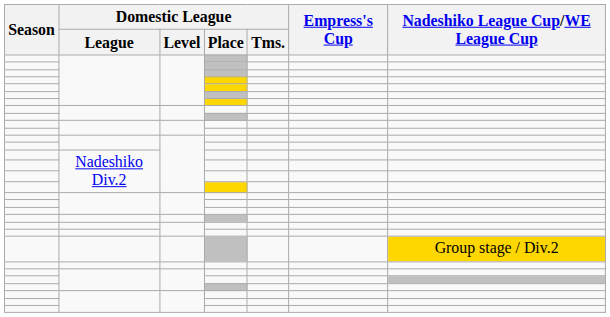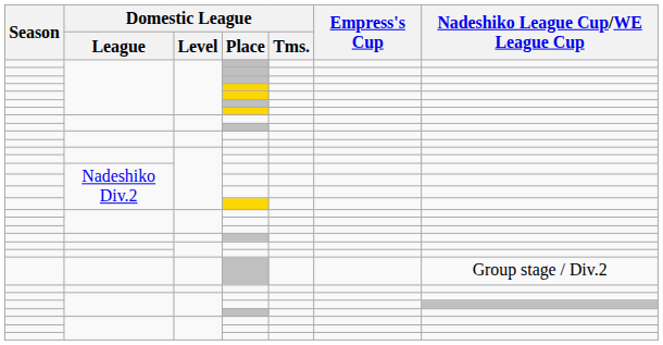 <table class="wikitable">
 <tr style="background:#f0f6fa;">
 <th rowspan="2"><strong>Season</strong></th>
 <th colspan="4"><strong>Domestic League</strong></th>
 <th rowspan="2"><strong><a href='#'>Empress's Cup</a></strong></th>
 <th rowspan="2"><strong><a href='#'>Nadeshiko League Cup</a>/<a href='#'>WE League Cup</a></strong></th>
 </tr>
 <tr>
 <th>League</th>
 <th>Level</th>
 <th>Place</th>
 <th>Tms.</th>
 </tr>
 <tr>
 <td></td>
 <td rowspan="7"></td>
 <td rowspan="7"></td>
 <td bgcolor="silver"></td>
 <td></td>
 <td></td>
 <td></td>
 </tr>
 <tr>
 <td></td>
 <td bgcolor="silver"></td>
 <td></td>
 <td></td>
 <td></td>
 </tr>
 <tr>
 <td></td>
 <td bgcolor="silver"></td>
 <td></td>
 <td></td>
 <td></td>
 </tr>
 <tr>
 <td></td>
 <td bgcolor="gold"></td>
 <td></td>
 <td></td>
 <td></td>
 </tr>
 <tr>
 <td></td>
 <td bgcolor="gold"></td>
 <td></td>
 <td></td>
 <td></td>
 </tr>
 <tr>
 <td></td>
 <td bgcolor="silver"></td>
 <td></td>
 <td></td>
 <td></td>
 </tr>
 <tr>
 <td></td>
 <td bgcolor="gold"></td>
 <td></td>
 <td></td>
 <td></td>
 </tr>
 <tr>
 <td></td>
 <td rowspan="2"></td>
 <td rowspan="2"></td>
 <td></td>
 <td></td>
 <td></td>
 <td></td>
 </tr>
 <tr>
 <td></td>
 <td bgcolor="silver"></td>
 <td></td>
 <td></td>
 <td></td>
 </tr>
 <tr>
 <td></td>
 <td rowspan="2"></td>
 <td rowspan="2"></td>
 <td></td>
 <td></td>
 <td></td>
 <td></td>
 </tr>
 <tr>
 <td></td>
 <td></td>
 <td></td>
 <td></td>
 <td></td>
 </tr>
 <tr>
 <td></td>
 <td rowspan="2"></td>
 <td rowspan="6"></td>
 <td></td>
 <td></td>
 <td></td>
 <td></td>
 </tr>
 <tr>
 <td></td>
 <td></td>
 <td></td>
 <td></td>
 <td></td>
 </tr>
 <tr>
 <td></td>
 <td rowspan="4" style="text-align:center;"><a href='#'>Nadeshiko Div.2</a></td>
 <td></td>
 <td></td>
 <td></td>
 <td></td>
 </tr>
 <tr>
 <td></td>
 <td></td>
 <td></td>
 <td></td>
 <td></td>
 </tr>
 <tr>
 <td></td>
 <td></td>
 <td></td>
 <td></td>
 <td></td>
 </tr>
 <tr>
 <td></td>
 <td bgcolor="gold"></td>
 <td></td>
 <td></td>
 <td></td>
 </tr>
 <tr>
 <td></td>
 <td rowspan="3"></td>
 <td rowspan="3"></td>
 <td></td>
 <td></td>
 <td></td>
 <td></td>
 </tr>
 <tr>
 <td></td>
 <td></td>
 <td></td>
 <td></td>
 <td></td>
 </tr>
 <tr>
 <td></td>
 <td></td>
 <td></td>
 <td></td>
 <td></td>
 </tr>
 <tr>
 <td></td>
 <td></td>
 <td></td>
 <td bgcolor="silver"></td>
 <td></td>
 <td></td>
 <td></td>
 </tr>
 <tr>
 <td></td>
 <td></td>
 <td rowspan="2"></td>
 <td></td>
 <td></td>
 <td></td>
 <td></td>
 </tr>
 <tr>
 <td></td>
 <td></td>
 <td></td>
 <td></td>
 <td></td>
 <td></td>
 </tr>
 <tr>
 <td></td>
 <td></td>
 <td></td>
 <td bgcolor="silver"></td>
 <td></td>
 <td></td>
-<td style="background: gold; text-align:center;">Group stage / Div.2</td>
+<td style="text-align:center;">Group stage / Div.2</td>
 </tr>
 <tr>
 <td></td>
 <td></td>
 <td></td>
 <td></td>
 <td></td>
 <td></td>
 <td></td>
 </tr>
 <tr>
 <td></td>
 <td rowspan="3"></td>
 <td rowspan="3"></td>
 <td></td>
 <td></td>
 <td></td>
 <td></td>
 </tr>
 <tr>
 <td></td>
 <td></td>
 <td></td>
 <td></td>
 <td bgcolor="silver"></td>
 </tr>
 <tr>
 <td></td>
 <td bgcolor="silver"></td>
 <td></td>
 <td></td>
 <td></td>
 </tr>
 <tr>
 <td></td>
 <td rowspan="3"></td>
 <td rowspan="3"></td>
 <td></td>
 <td></td>
 <td></td>
 <td></td>
 </tr>
 <tr>
 <td></td>
 <td></td>
 <td></td>
 <td></td>
 <td></td>
 </tr>
 <tr>
 <td></td>
 <td></td>
 <td></td>
 <td></td>
 <td></td>
 </tr>
 </table>
